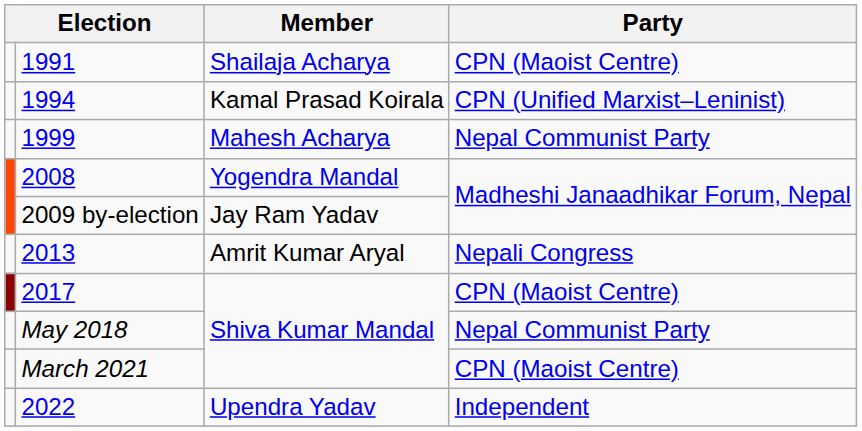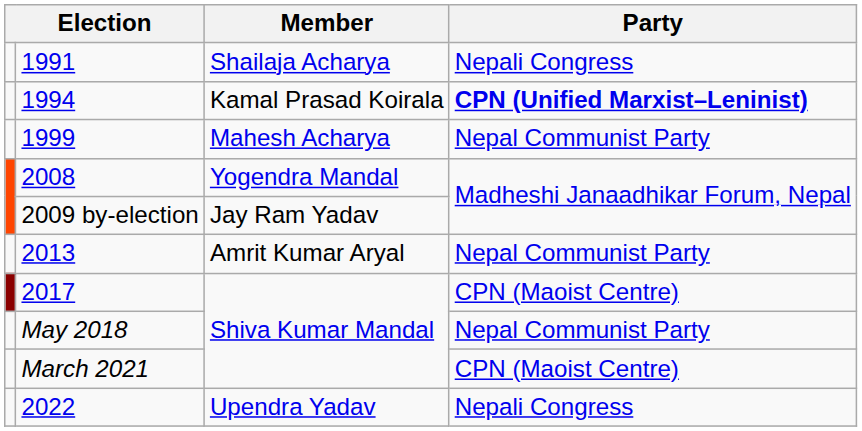 <table class="wikitable">
 <tr>
 <th colspan="2">Election</th>
 <th>Member</th>
 <th>Party</th>
 </tr>
 <tr>
 <td style="background-color:"></td>
 <td><a href='#'>1991</a></td>
 <td><a href='#'>Shailaja Acharya</a></td>
-<td><a href='#'>CPN (Maoist Centre)</a></td>
+<td><a href='#'>Nepali Congress</a></td>
 </tr>
 <tr>
 <td style="background-color:"></td>
 <td><a href='#'>1994</a></td>
 <td>Kamal Prasad Koirala</td>
-<td><a href='#'>CPN (Unified Marxist–Leninist)</a></td>
+<td><strong><a href='#'>CPN (Unified Marxist–Leninist)</a></strong></td>
 </tr>
 <tr>
 <td style="background-color:"></td>
 <td><a href='#'>1999</a></td>
 <td><a href='#'>Mahesh Acharya</a></td>
 <td><a href='#'>Nepal Communist Party</a></td>
 </tr>
 <tr>
 <td rowspan="2" style="background-color:orangered"></td>
 <td><a href='#'>2008</a></td>
 <td><a href='#'>Yogendra Mandal</a></td>
 <td rowspan="2"><a href='#'>Madheshi Janaadhikar Forum, Nepal</a></td>
 </tr>
 <tr>
 <td>2009 by-election</td>
 <td>Jay Ram Yadav</td>
 </tr>
 <tr>
 <td style="background-color:"></td>
 <td><a href='#'>2013</a></td>
 <td>Amrit Kumar Aryal</td>
-<td><a href='#'>Nepali Congress</a></td>
+<td><a href='#'>Nepal Communist Party</a></td>
 </tr>
 <tr>
 <td style="background-color:darkred"></td>
 <td><a href='#'>2017</a></td>
 <td rowspan="3"><a href='#'>Shiva Kumar Mandal</a></td>
 <td><a href='#'>CPN (Maoist Centre)</a></td>
 </tr>
 <tr>
 <td style="background-color:"></td>
 <td><em>May 2018</em></td>
 <td><a href='#'>Nepal Communist Party</a></td>
 </tr>
 <tr>
 <td style="background-color:"></td>
 <td><em>March 2021</em></td>
 <td><a href='#'>CPN (Maoist Centre)</a></td>
 </tr>
 <tr>
 <td></td>
 <td><a href='#'>2022</a></td>
 <td><a href='#'>Upendra Yadav</a></td>
-<td><a href='#'>Independent</a></td>
+<td><a href='#'>Nepali Congress</a></td>
 </tr>
 </table>
